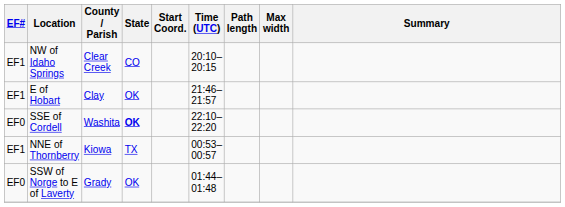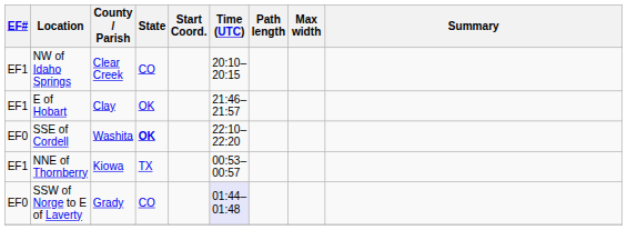 <table class="wikitable sortable" style="width:100%;">
 <tr>
 <th scope="col"  style="width:3%; text-align:center;"><a href='#'>EF#</a></th>
 <th scope="col"  style="width:7%; text-align:center;" class="unsortable">Location</th>
 <th scope="col"  style="width:6%; text-align:center;" class="unsortable">County / Parish</th>
 <th scope="col"  style="width:5%; text-align:center;">State</th>
 <th scope="col"  style="width:6%; text-align:center;">Start Coord.</th>
 <th scope="col"  style="width:6%; text-align:center;">Time (<a href='#'>UTC</a>)</th>
 <th scope="col"  style="width:6%; text-align:center;">Path length</th>
 <th scope="col"  style="width:6%; text-align:center;">Max width</th>
 <th scope="col" class="unsortable" style="width:48%; text-align:center;">Summary</th>
 </tr>
 <tr>
 <td>EF1</td>
 <td>NW of <a href='#'>Idaho Springs</a></td>
 <td><a href='#'>Clear Creek</a></td>
 <td><a href='#'>CO</a></td>
 <td></td>
 <td>20:10–20:15</td>
 <td></td>
 <td></td>
 <td></td>
 </tr>
 <tr>
 <td>EF1</td>
 <td>E of <a href='#'>Hobart</a></td>
 <td><a href='#'>Clay</a></td>
 <td><a href='#'>OK</a></td>
 <td></td>
 <td>21:46–21:57</td>
 <td></td>
 <td></td>
 <td></td>
 </tr>
 <tr>
 <td>EF0</td>
 <td>SSE of <a href='#'>Cordell</a></td>
 <td><a href='#'>Washita</a></td>
 <td><strong><a href='#'>OK</a></strong></td>
 <td></td>
 <td>22:10–22:20</td>
 <td></td>
 <td></td>
 <td></td>
 </tr>
 <tr>
 <td>EF1</td>
 <td>NNE of <a href='#'>Thornberry</a></td>
 <td><a href='#'>Kiowa</a></td>
 <td><a href='#'>TX</a></td>
 <td></td>
 <td>00:53–00:57</td>
 <td></td>
 <td></td>
 <td></td>
 </tr>
 <tr>
 <td>EF0</td>
 <td>SSW of <a href='#'>Norge</a> to E of <a href='#'>Laverty</a></td>
 <td><a href='#'>Grady</a></td>
-<td><a href='#'>OK</a></td>
+<td><a href='#'>CO</a></td>
 <td></td>
-<td>01:44–01:48</td>
+<td style="background: lavender;">01:44–01:48</td>
 <td></td>
 <td></td>
 <td></td>
 </tr>
 <tr>
 </tr>
 </table>
